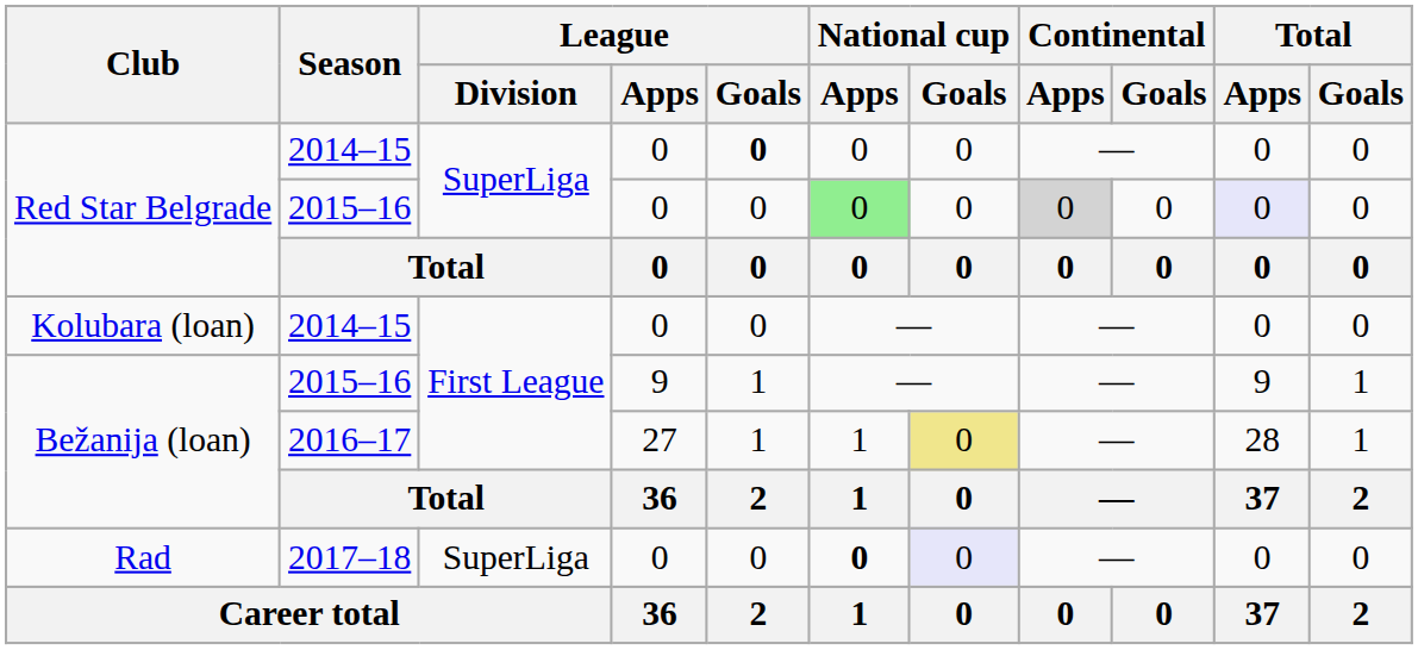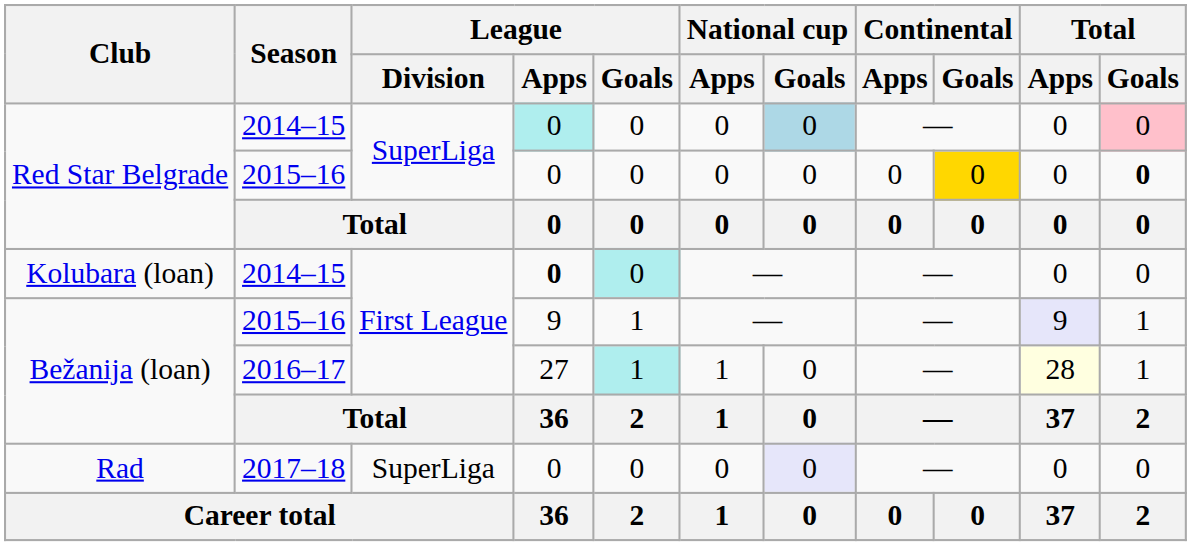 <table class="wikitable" style="text-align: center;font-size:90%">
 <tr>
 <th rowspan="2">Club</th>
 <th rowspan="2">Season</th>
 <th colspan="3">League</th>
 <th colspan="2">National cup</th>
 <th colspan="2">Continental</th>
 <th colspan="2">Total</th>
 </tr>
 <tr>
 <th>Division</th>
 <th>Apps</th>
 <th>Goals</th>
 <th>Apps</th>
 <th>Goals</th>
 <th>Apps</th>
 <th>Goals</th>
 <th>Apps</th>
 <th>Goals</th>
 </tr>
 <tr>
 <td rowspan="3" valign="center"><a href='#'>Red Star Belgrade</a></td>
 <td><a href='#'>2014–15</a></td>
 <td rowspan=2><a href='#'>SuperLiga</a></td>
-<td>0</td>
-<td><strong>0</strong></td>
+<td style="background: paleturquoise;">0</td>
 <td>0</td>
 <td>0</td>
+<td style="background: lightblue;">0</td>
 <td colspan="2">—</td>
 <td>0</td>
-<td>0</td>
+<td style="background: pink;">0</td>
 </tr>
 <tr>
 <td><a href='#'>2015–16</a></td>
 <td>0</td>
 <td>0</td>
-<td style="background: lightgreen;">0</td>
 <td>0</td>
-<td style="background: lightgrey;">0</td>
 <td>0</td>
-<td style="background: lavender;">0</td>
 <td>0</td>
+<td style="background: gold;">0</td>
+<td>0</td>
+<td><strong>0</strong></td>
 </tr>
 <tr>
 <th colspan="2">Total</th>
 <th>0</th>
 <th>0</th>
 <th>0</th>
 <th>0</th>
 <th>0</th>
 <th>0</th>
 <th>0</th>
 <th>0</th>
 </tr>
 <tr>
 <td><a href='#'>Kolubara</a> (loan)</td>
 <td><a href='#'>2014–15</a></td>
 <td rowspan=3><a href='#'>First League</a></td>
-<td>0</td>
-<td>0</td>
+<td><strong>0</strong></td>
+<td style="background: paleturquoise;">0</td>
 <td colspan="2">—</td>
 <td colspan="2">—</td>
 <td>0</td>
 <td>0</td>
 </tr>
 <tr>
 <td rowspan="3" valign="center"><a href='#'>Bežanija</a> (loan)</td>
 <td><a href='#'>2015–16</a></td>
 <td>9</td>
 <td>1</td>
 <td colspan="2">—</td>
 <td colspan="2">—</td>
-<td>9</td>
+<td style="background: lavender;">9</td>
 <td>1</td>
 </tr>
 <tr>
 <td><a href='#'>2016–17</a></td>
 <td>27</td>
+<td style="background: paleturquoise;">1</td>
 <td>1</td>
-<td>1</td>
-<td style="background: khaki;">0</td>
+<td>0</td>
 <td colspan="2">—</td>
-<td>28</td>
+<td style="background: lightyellow;">28</td>
 <td>1</td>
 </tr>
 <tr>
 <th colspan="2">Total</th>
 <th>36</th>
 <th>2</th>
 <th>1</th>
 <th>0</th>
 <th colspan="2">—</th>
 <th>37</th>
 <th>2</th>
 </tr>
 <tr>
 <td><a href='#'>Rad</a></td>
 <td><a href='#'>2017–18</a></td>
 <td>SuperLiga</td>
 <td>0</td>
 <td>0</td>
-<td><strong>0</strong></td>
+<td>0</td>
 <td style="background: lavender;">0</td>
 <td colspan="2">—</td>
 <td>0</td>
 <td>0</td>
 </tr>
 <tr>
 <th colspan="3">Career total</th>
 <th>36</th>
 <th>2</th>
 <th>1</th>
 <th>0</th>
 <th>0</th>
 <th>0</th>
 <th>37</th>
 <th>2</th>
 </tr>
 </table>
